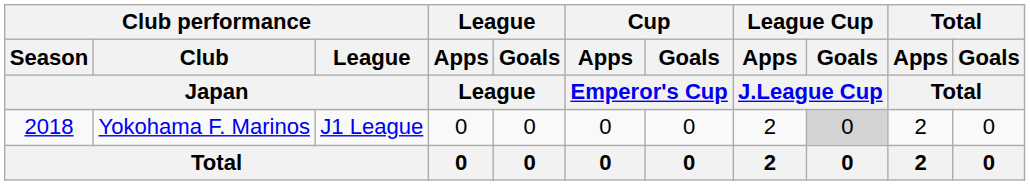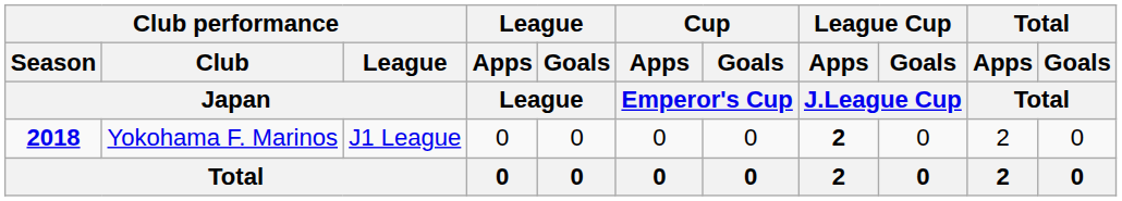 <table class="wikitable" style="text-align:center;">
 <tr>
 <th colspan=3>Club performance</th>
 <th colspan=2>League</th>
 <th colspan=2>Cup</th>
 <th colspan=2>League Cup</th>
 <th colspan=2>Total</th>
 </tr>
 <tr>
 <th>Season</th>
 <th>Club</th>
 <th>League</th>
 <th>Apps</th>
 <th>Goals</th>
 <th>Apps</th>
 <th>Goals</th>
 <th>Apps</th>
 <th>Goals</th>
 <th>Apps</th>
 <th>Goals</th>
 </tr>
 <tr>
 <th colspan=3>Japan</th>
 <th colspan=2>League</th>
 <th colspan=2><a href='#'>Emperor's Cup</a></th>
 <th colspan=2><a href='#'>J.League Cup</a></th>
 <th colspan=2>Total</th>
 </tr>
 <tr>
-<td><a href='#'>2018</a></td>
+<td><strong><a href='#'>2018</a></strong></td>
 <td><a href='#'>Yokohama F. Marinos</a></td>
 <td><a href='#'>J1 League</a></td>
 <td>0</td>
 <td>0</td>
 <td>0</td>
 <td>0</td>
-<td>2</td>
-<td style="background: lightgrey;">0</td>
+<td><strong>2</strong></td>
+<td>0</td>
 <td>2</td>
 <td>0</td>
 </tr>
 <tr>
 <th colspan=3>Total</th>
 <th>0</th>
 <th>0</th>
 <th>0</th>
 <th>0</th>
 <th>2</th>
 <th>0</th>
 <th>2</th>
 <th>0</th>
 </tr>
 </table>
